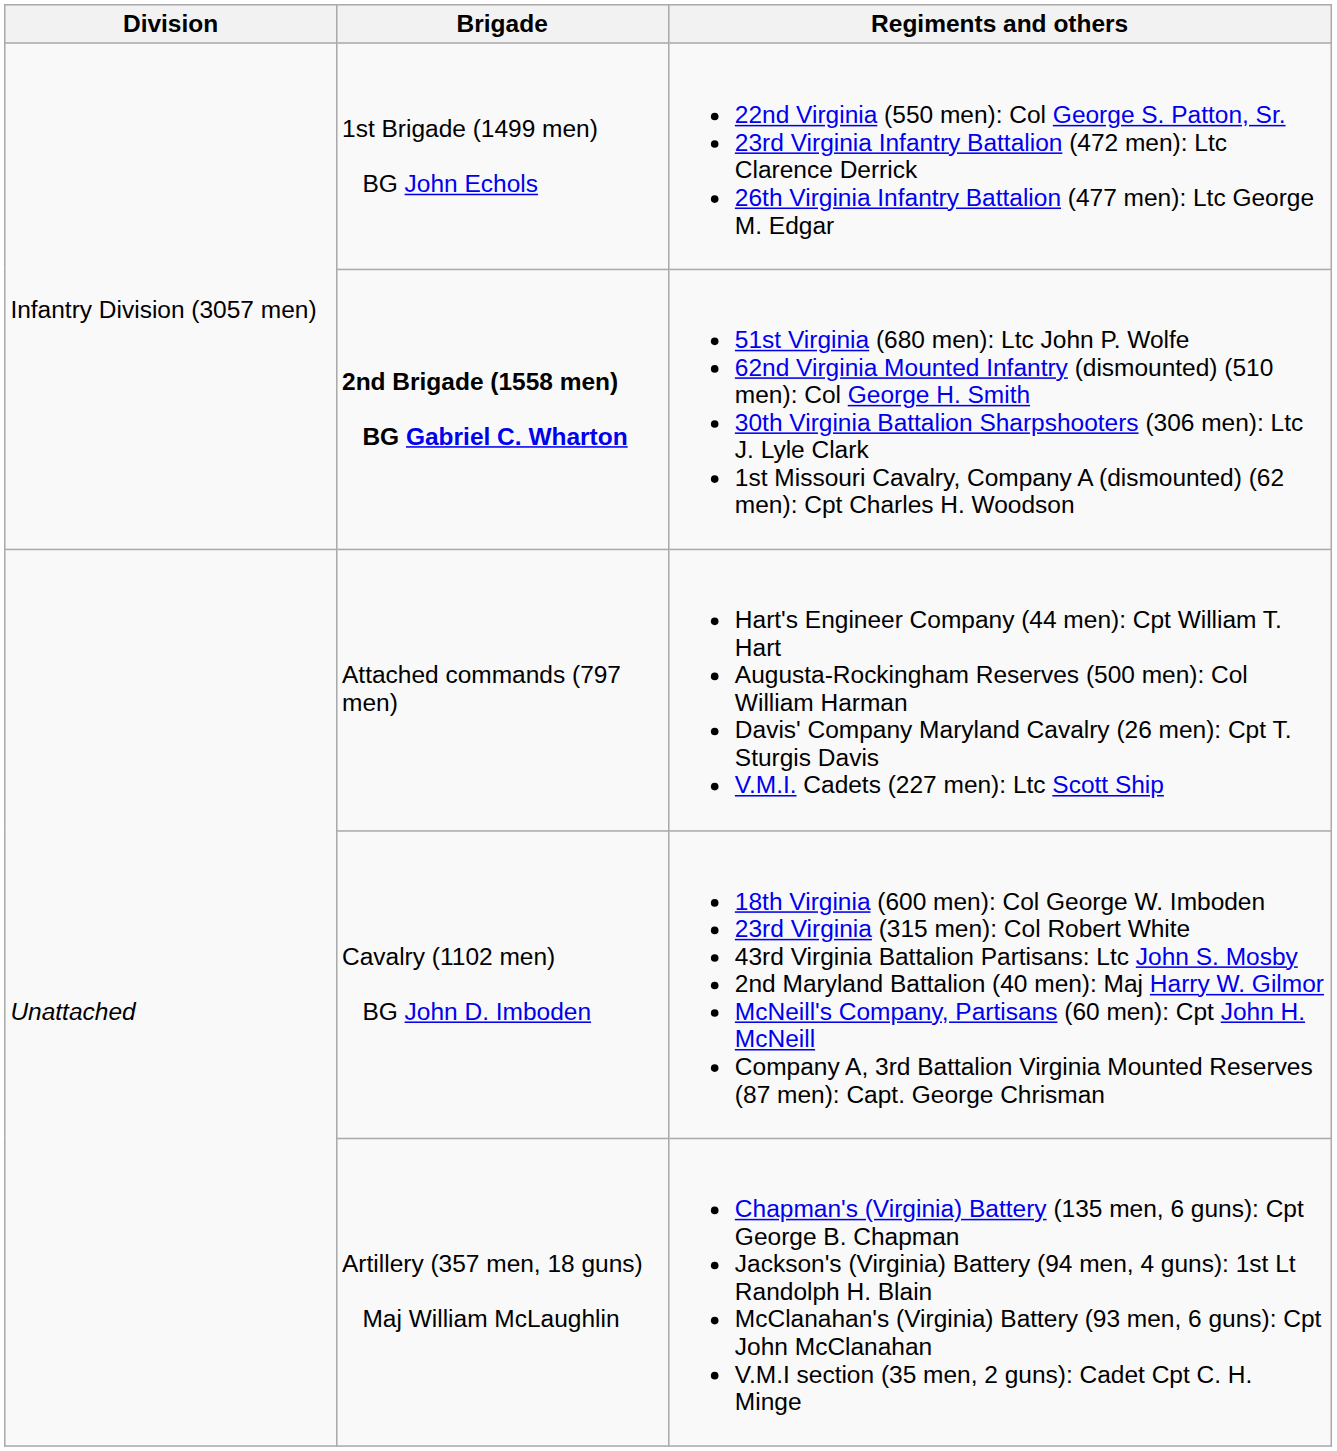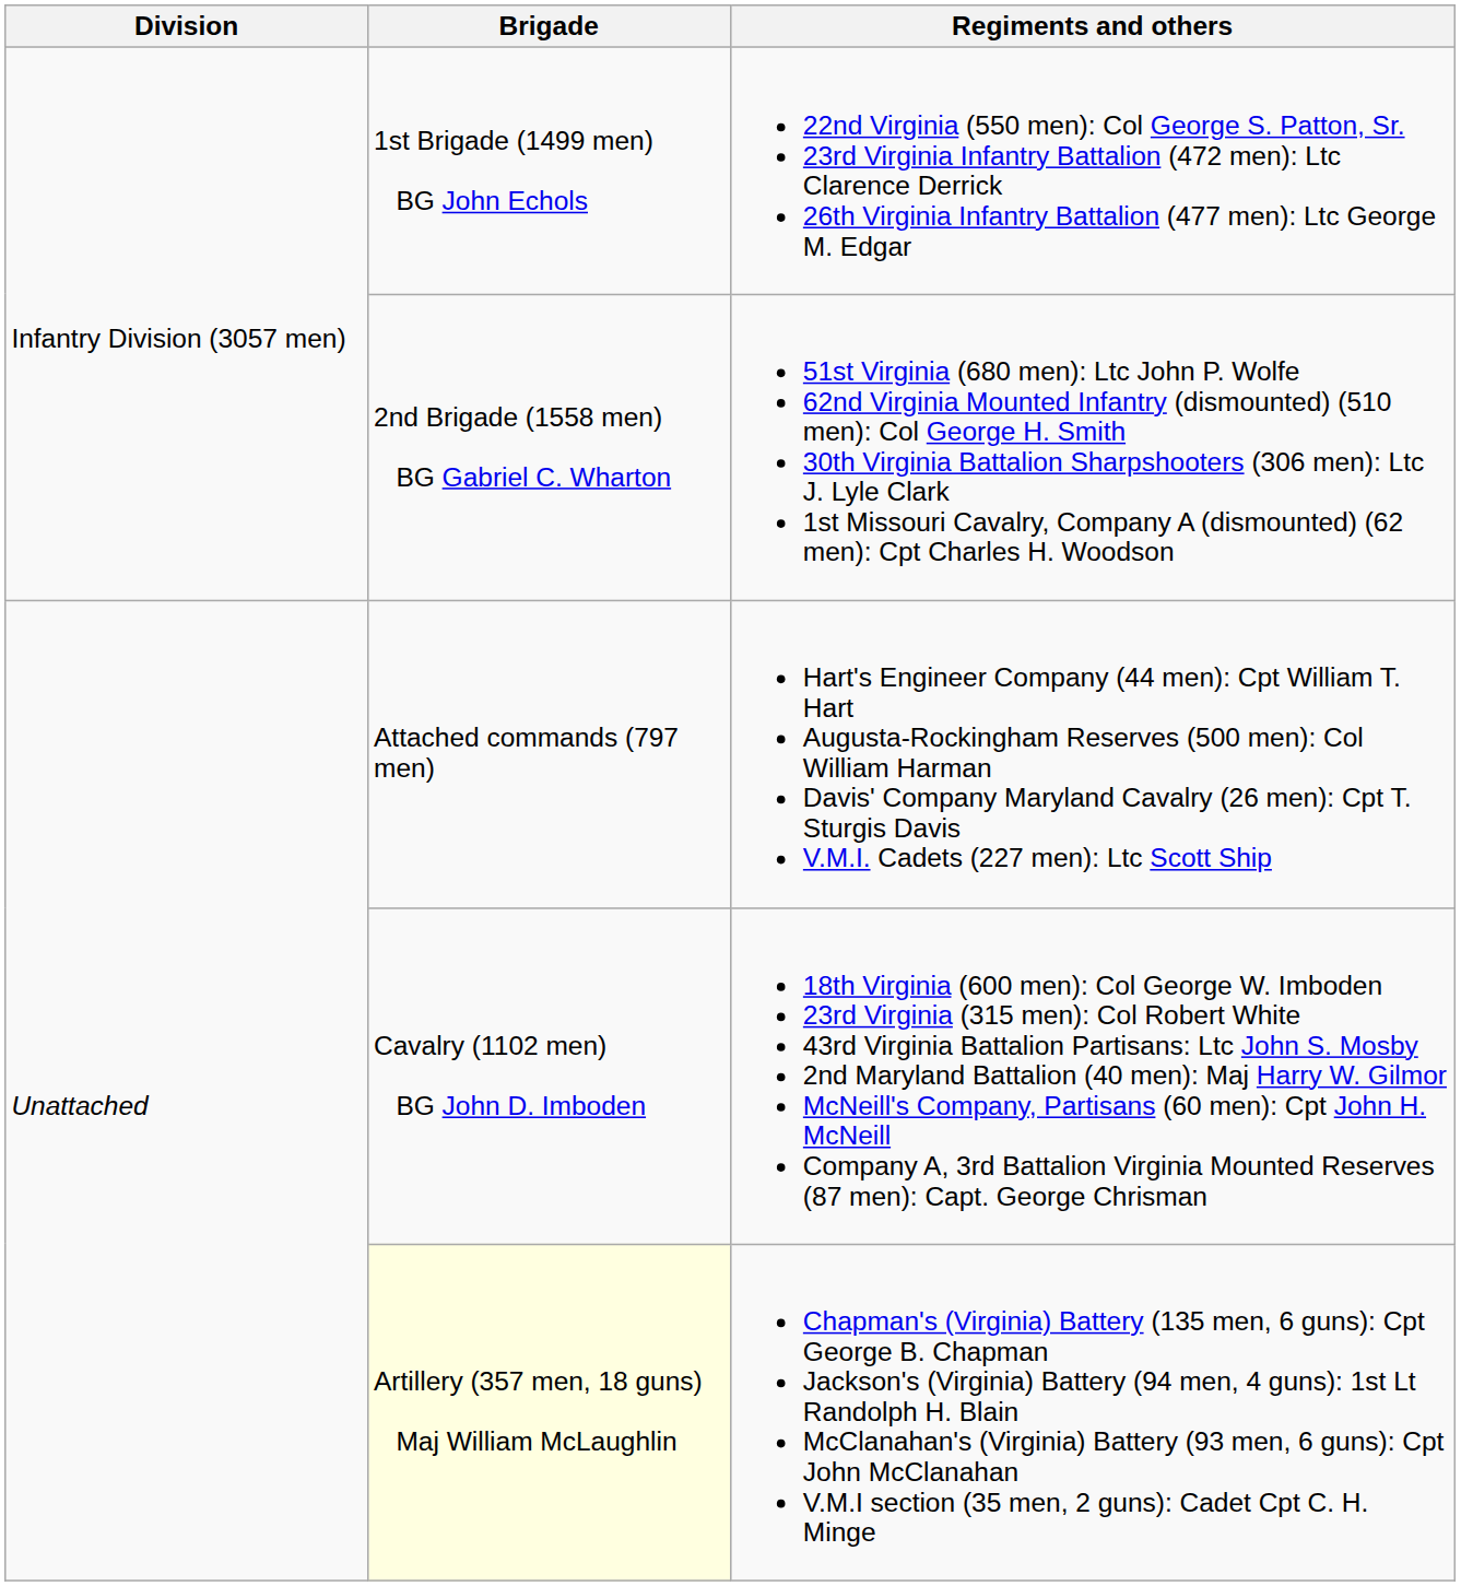 <table class="wikitable">
 <tr>
 <th style="width:25%;">Division</th>
 <th style="width:25%;">Brigade</th>
 <th>Regiments and others</th>
 </tr>
 <tr>
 <td rowspan=2><br>Infantry Division (3057 men)</td>
 <td>1st Brigade (1499 men)<br><br>   BG <a href='#'>John Echols</a></td>
 <td><br><ul><li><a href='#'>22nd Virginia</a> (550 men): Col <a href='#'>George S. Patton, Sr.</a></li><li><a href='#'>23rd Virginia Infantry Battalion</a> (472 men): Ltc Clarence Derrick</li><li><a href='#'>26th Virginia Infantry Battalion</a> (477 men): Ltc George M. Edgar</li></ul></td>
 </tr>
 <tr>
-<td><strong>2nd Brigade (1558 men)<br><br>   BG <a href='#'>Gabriel C. Wharton</a></strong></td>
+<td>2nd Brigade (1558 men)<br><br>   BG <a href='#'>Gabriel C. Wharton</a></td>
 <td><br><ul><li><a href='#'>51st Virginia</a> (680 men): Ltc John P. Wolfe</li><li><a href='#'>62nd Virginia Mounted Infantry</a> (dismounted) (510 men): Col <a href='#'>George H. Smith</a></li><li><a href='#'>30th Virginia Battalion Sharpshooters</a> (306 men): Ltc J. Lyle Clark</li><li>1st Missouri Cavalry, Company A (dismounted) (62 men): Cpt Charles H. Woodson</li></ul></td>
 </tr>
 <tr>
 <td rowspan=3><br><em>Unattached</em></td>
 <td>Attached commands (797 men)</td>
 <td><br><ul><li>Hart's Engineer Company (44 men): Cpt William T. Hart</li><li>Augusta-Rockingham Reserves (500 men): Col William Harman</li><li>Davis' Company Maryland Cavalry (26 men): Cpt T. Sturgis Davis</li><li><a href='#'>V.M.I.</a> Cadets (227 men): Ltc <a href='#'>Scott Ship</a></li></ul></td>
 </tr>
 <tr>
 <td>Cavalry (1102 men)<br><br>   BG <a href='#'>John D. Imboden</a></td>
 <td><br><ul><li><a href='#'>18th Virginia</a> (600 men): Col George W. Imboden</li><li><a href='#'>23rd Virginia</a> (315 men): Col Robert White</li><li>43rd Virginia Battalion Partisans: Ltc <a href='#'>John S. Mosby</a></li><li>2nd Maryland Battalion (40 men): Maj <a href='#'>Harry W. Gilmor</a></li><li><a href='#'>McNeill's Company, Partisans</a> (60 men): Cpt <a href='#'>John H. McNeill</a></li><li>Company A, 3rd Battalion Virginia Mounted Reserves (87 men): Capt. George Chrisman</li></ul></td>
 </tr>
 <tr>
-<td>Artillery (357 men, 18 guns)<br><br>   Maj William McLaughlin</td>
+<td style="background: lightyellow;">Artillery (357 men, 18 guns)<br><br>   Maj William McLaughlin</td>
 <td><br><ul><li><a href='#'>Chapman's (Virginia) Battery</a> (135 men, 6 guns): Cpt George B. Chapman</li><li>Jackson's (Virginia) Battery (94 men, 4 guns): 1st Lt Randolph H. Blain</li><li>McClanahan's (Virginia) Battery (93 men, 6 guns): Cpt John McClanahan</li><li>V.M.I section (35 men, 2 guns): Cadet Cpt C. H. Minge</li></ul></td>
 </tr>
 </table>
